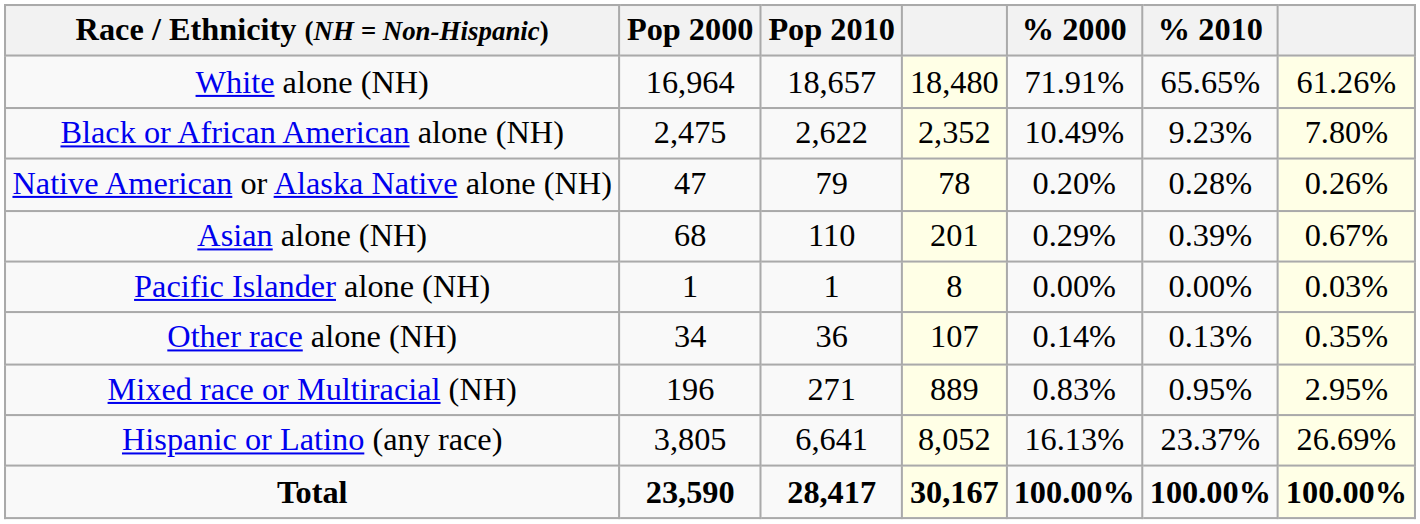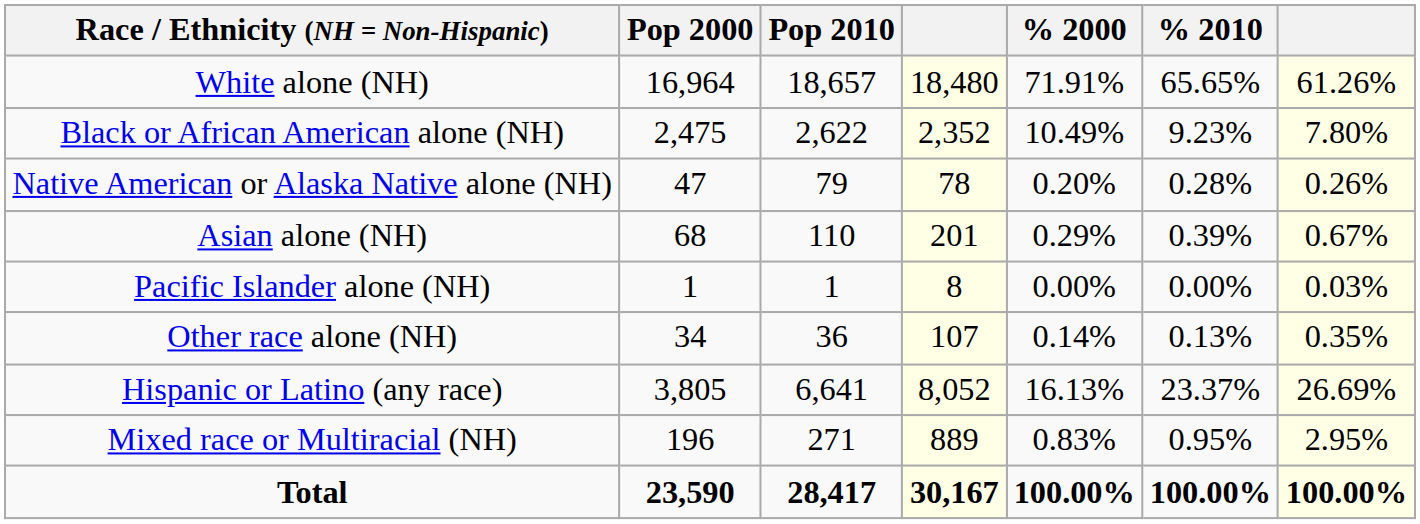 <table class="wikitable" style="text-align:center;">
 <tr>
 <th>Race / Ethnicity <small>(<em>NH = Non-Hispanic</em>)</small></th>
 <th>Pop 2000</th>
 <th>Pop 2010</th>
 <th></th>
 <th>% 2000</th>
 <th>% 2010</th>
 <th></th>
 </tr>
 <tr>
 <td><a href='#'>White</a> alone (NH)</td>
 <td>16,964</td>
 <td>18,657</td>
 <td style='background: #ffffe6;'>18,480</td>
 <td>71.91%</td>
 <td>65.65%</td>
 <td style='background: #ffffe6;'>61.26%</td>
 </tr>
 <tr>
 <td><a href='#'>Black or African American</a> alone (NH)</td>
 <td>2,475</td>
 <td>2,622</td>
 <td style='background: #ffffe6;'>2,352</td>
 <td>10.49%</td>
 <td>9.23%</td>
 <td style='background: #ffffe6;'>7.80%</td>
 </tr>
 <tr>
 <td><a href='#'>Native American</a> or <a href='#'>Alaska Native</a> alone (NH)</td>
 <td>47</td>
 <td>79</td>
 <td style='background: #ffffe6;'>78</td>
 <td>0.20%</td>
 <td>0.28%</td>
 <td style='background: #ffffe6;'>0.26%</td>
 </tr>
 <tr>
 <td><a href='#'>Asian</a> alone (NH)</td>
 <td>68</td>
 <td>110</td>
 <td style='background: #ffffe6;'>201</td>
 <td>0.29%</td>
 <td>0.39%</td>
 <td style='background: #ffffe6;'>0.67%</td>
 </tr>
 <tr>
 <td><a href='#'>Pacific Islander</a> alone (NH)</td>
 <td>1</td>
 <td>1</td>
 <td style='background: #ffffe6;'>8</td>
 <td>0.00%</td>
 <td>0.00%</td>
 <td style='background: #ffffe6;'>0.03%</td>
 </tr>
 <tr>
 <td><a href='#'>Other race</a> alone (NH)</td>
 <td>34</td>
 <td>36</td>
 <td style='background: #ffffe6;'>107</td>
 <td>0.14%</td>
 <td>0.13%</td>
 <td style='background: #ffffe6;'>0.35%</td>
 </tr>
 <tr>
+<td><a href='#'>Hispanic or Latino</a> (any race)</td>
+<td>3,805</td>
+<td>6,641</td>
+<td style='background: #ffffe6;'>8,052</td>
+<td>16.13%</td>
+<td>23.37%</td>
+<td style='background: #ffffe6;'>26.69%</td>
+</tr>
+<tr>
 <td><a href='#'>Mixed race or Multiracial</a> (NH)</td>
 <td>196</td>
 <td>271</td>
 <td style='background: #ffffe6;'>889</td>
 <td>0.83%</td>
 <td>0.95%</td>
 <td style='background: #ffffe6;'>2.95%</td>
-</tr>
-<tr>
-<td><a href='#'>Hispanic or Latino</a> (any race)</td>
-<td>3,805</td>
-<td>6,641</td>
-<td style='background: #ffffe6;'>8,052</td>
-<td>16.13%</td>
-<td>23.37%</td>
-<td style='background: #ffffe6;'>26.69%</td>
 </tr>
 <tr>
 <td><strong>Total</strong></td>
 <td><strong>23,590</strong></td>
 <td><strong>28,417</strong></td>
 <td style='background: #ffffe6;'><strong>30,167</strong></td>
 <td><strong>100.00%</strong></td>
 <td><strong>100.00%</strong></td>
 <td style='background: #ffffe6;'><strong>100.00%</strong></td>
 </tr>
 </table>
